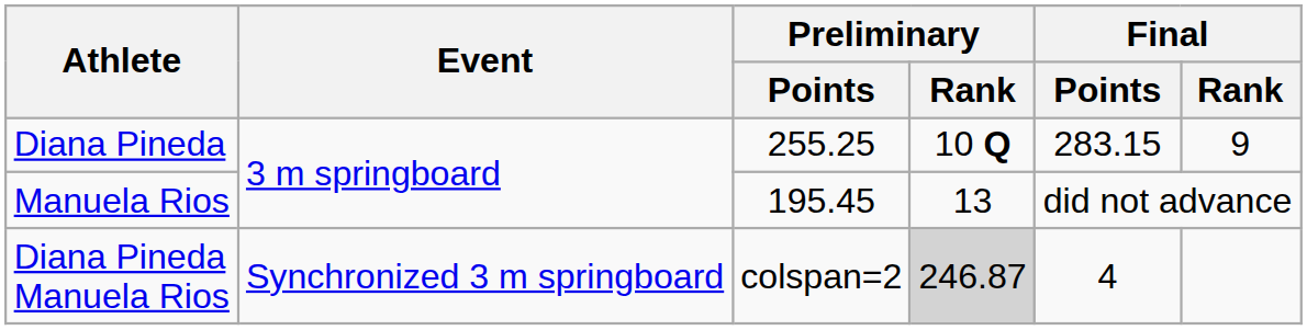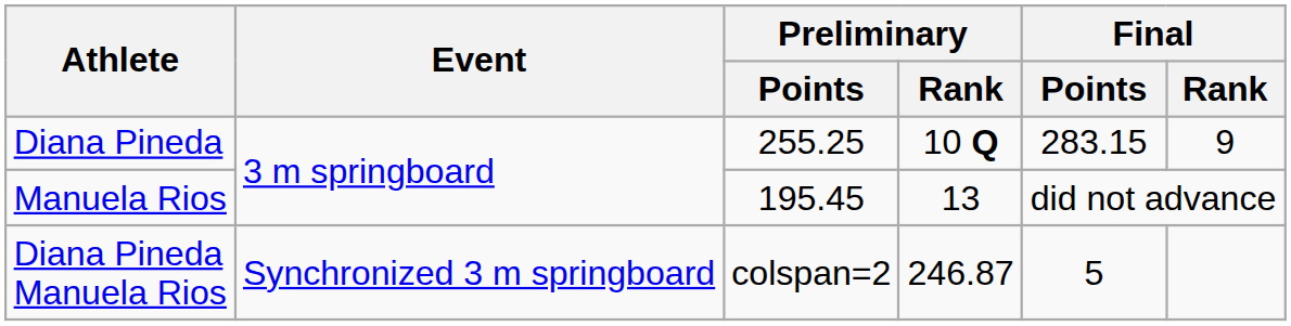 <table class=wikitable style="font-size:90%">
 <tr>
 <th rowspan="2">Athlete</th>
 <th rowspan="2">Event</th>
 <th colspan="2">Preliminary</th>
 <th colspan="2">Final</th>
 </tr>
 <tr>
 <th>Points</th>
 <th>Rank</th>
 <th>Points</th>
 <th>Rank</th>
 </tr>
 <tr align=center>
 <td align=left><a href='#'>Diana Pineda</a></td>
 <td align=left rowspan=2><a href='#'>3 m springboard</a></td>
 <td>255.25</td>
 <td>10 <strong>Q</strong></td>
 <td>283.15</td>
 <td>9</td>
 </tr>
 <tr align=center>
 <td align=left><a href='#'>Manuela Rios</a></td>
 <td>195.45</td>
 <td>13</td>
 <td colspan=2>did not advance</td>
 </tr>
 <tr align=center>
 <td align=left><a href='#'>Diana Pineda</a><br><a href='#'>Manuela Rios</a></td>
 <td align=left><a href='#'>Synchronized 3 m springboard</a></td>
 <td>colspan=2 </td>
-<td style="background: lightgrey;">246.87</td>
-<td>4</td>
+<td>246.87</td>
+<td>5</td>
 </tr>
 </table>
